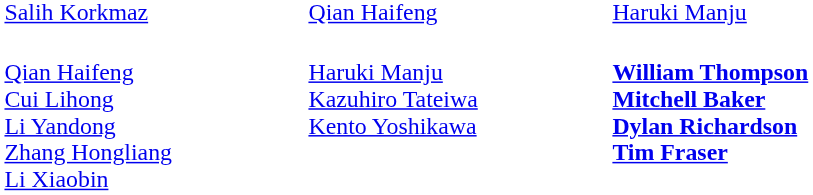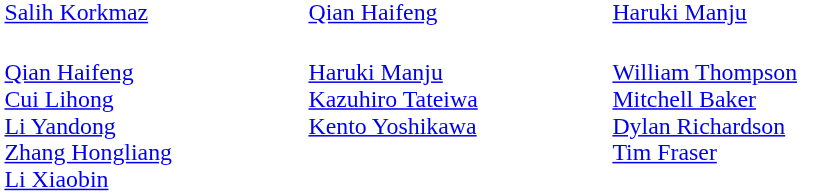 <table>
 <tr>
 <td><a href='#'>Salih Korkmaz</a><br></td>
 <td><a href='#'>Qian Haifeng</a><br></td>
 <td><a href='#'>Haruki Manju</a><br></td>
 </tr>
 <tr>
 <td width=200 valign=top><br><a href='#'>Qian Haifeng</a><br><a href='#'>Cui Lihong</a><br><a href='#'>Li Yandong</a><br><a href='#'>Zhang Hongliang</a><br><a href='#'>Li Xiaobin</a></td>
 <td width=200 valign=top><br><a href='#'>Haruki Manju</a><br><a href='#'>Kazuhiro Tateiwa</a><br><a href='#'>Kento Yoshikawa</a></td>
-<td width=200 valign=top><strong><br><a href='#'>William Thompson</a><br><a href='#'>Mitchell Baker</a><br><a href='#'>Dylan Richardson</a><br><a href='#'>Tim Fraser</a></strong></td>
+<td width=200 valign=top><br><a href='#'>William Thompson</a><br><a href='#'>Mitchell Baker</a><br><a href='#'>Dylan Richardson</a><br><a href='#'>Tim Fraser</a></td>
 </tr>
 </table>
